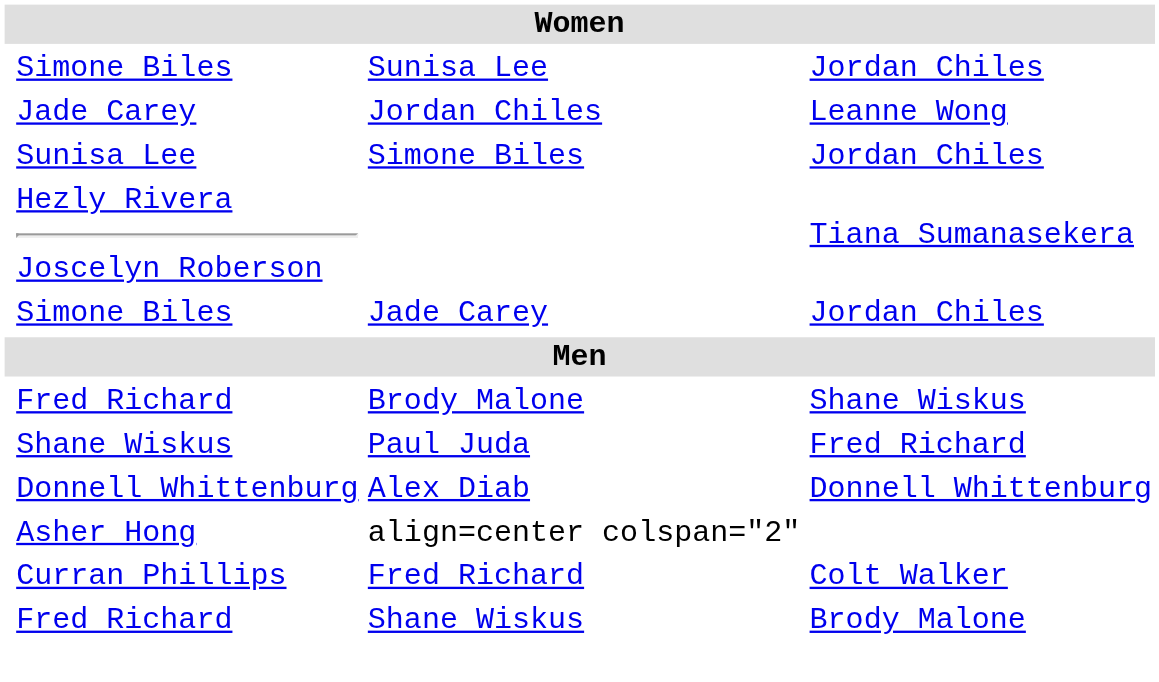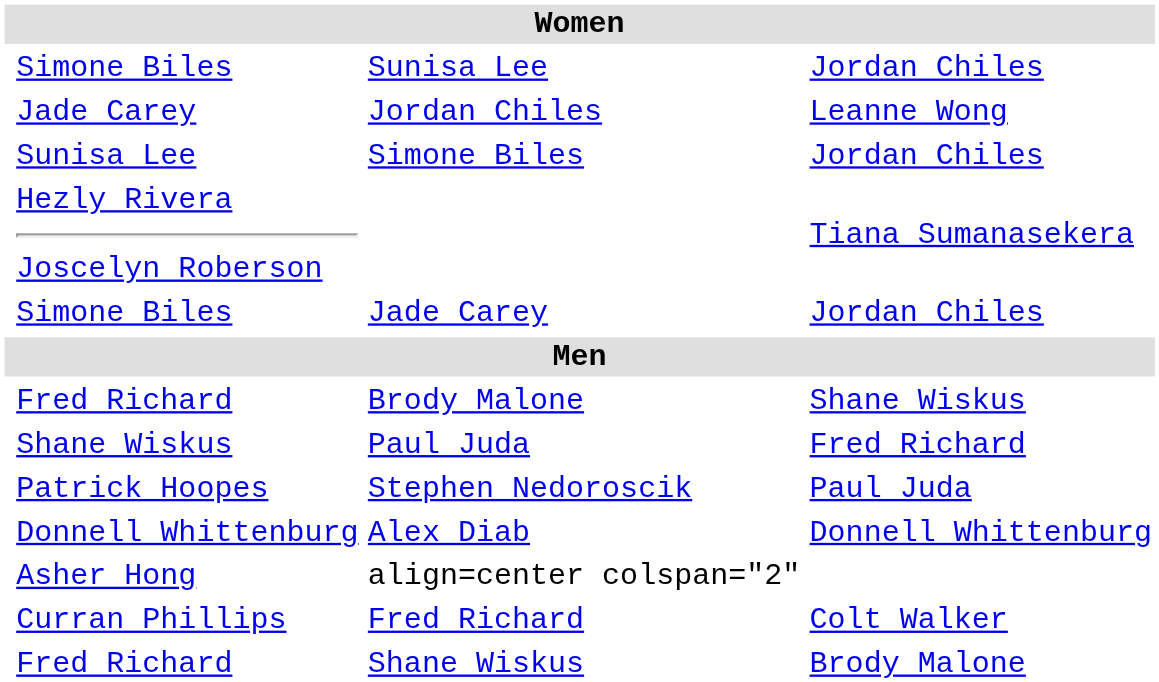 <table>
 <tr style="background:#dfdfdf;">
 <td colspan="4" style="text-align:center;"><strong>Women</strong></td>
 </tr>
 <tr>
 <th scope=row style="text-align:left"></th>
 <td><a href='#'>Simone Biles</a></td>
 <td><a href='#'>Sunisa Lee</a></td>
 <td><a href='#'>Jordan Chiles</a></td>
 </tr>
 <tr>
 <th scope=row style="text-align:left"></th>
 <td><a href='#'>Jade Carey</a></td>
 <td><a href='#'>Jordan Chiles</a></td>
 <td><a href='#'>Leanne Wong</a></td>
 </tr>
 <tr>
 <th scope=row style="text-align:left"></th>
 <td><a href='#'>Sunisa Lee</a></td>
 <td><a href='#'>Simone Biles</a></td>
 <td><a href='#'>Jordan Chiles</a></td>
 </tr>
 <tr>
 <th scope=row style="text-align:left"></th>
 <td><a href='#'>Hezly Rivera</a><hr><a href='#'>Joscelyn Roberson</a></td>
 <td></td>
 <td><a href='#'>Tiana Sumanasekera</a></td>
 </tr>
 <tr>
 <th scope=row style="text-align:left"></th>
 <td><a href='#'>Simone Biles</a></td>
 <td><a href='#'>Jade Carey</a></td>
 <td><a href='#'>Jordan Chiles</a></td>
 </tr>
 <tr style="background:#dfdfdf;">
 <td colspan="4" style="text-align:center;"><strong>Men</strong></td>
 </tr>
 <tr>
 <th scope=row style="text-align:left"></th>
 <td><a href='#'>Fred Richard</a></td>
 <td><a href='#'>Brody Malone</a></td>
 <td><a href='#'>Shane Wiskus</a></td>
 </tr>
 <tr>
 <th scope=row style="text-align:left"></th>
 <td><a href='#'>Shane Wiskus</a></td>
 <td><a href='#'>Paul Juda</a></td>
 <td><a href='#'>Fred Richard</a></td>
 </tr>
 <tr>
 <th scope=row style="text-align:left"></th>
+<td><a href='#'>Patrick Hoopes</a></td>
+<td><a href='#'>Stephen Nedoroscik</a></td>
+<td><a href='#'>Paul Juda</a></td>
+</tr>
+<tr>
+<th scope=row style="text-align:left"></th>
 <td><a href='#'>Donnell Whittenburg</a></td>
 <td><a href='#'>Alex Diab</a></td>
 <td><a href='#'>Donnell Whittenburg</a></td>
 </tr>
 <tr>
 <th scope=row style="text-align:left"></th>
 <td><a href='#'>Asher Hong</a></td>
 <td>align=center colspan="2"</td>
 </tr>
 <tr>
 <th scope=row style="text-align:left"></th>
 <td><a href='#'>Curran Phillips</a></td>
 <td><a href='#'>Fred Richard</a></td>
 <td><a href='#'>Colt Walker</a></td>
 </tr>
 <tr>
 <th scope=row style="text-align:left"></th>
 <td><a href='#'>Fred Richard</a></td>
 <td><a href='#'>Shane Wiskus</a></td>
 <td><a href='#'>Brody Malone</a></td>
 </tr>
 </table>
